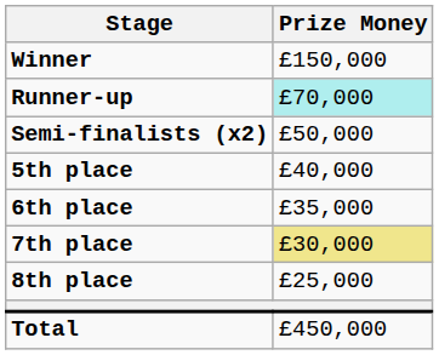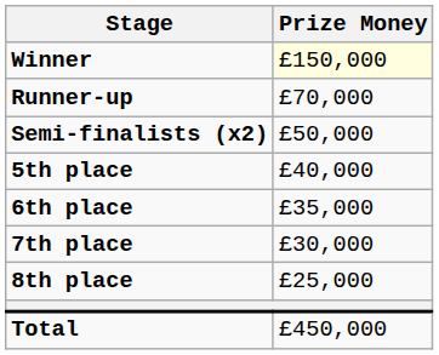 <table class="wikitable">
 <tr>
 <th>Stage</th>
 <th>Prize Money</th>
 </tr>
 <tr>
 <td><strong>Winner</strong></td>
-<td>£150,000</td>
+<td style="background: lightyellow;">£150,000</td>
 </tr>
 <tr>
 <td><strong>Runner-up</strong></td>
-<td style="background: paleturquoise;">£70,000</td>
+<td>£70,000</td>
 </tr>
 <tr>
 <td><strong>Semi-finalists (x2)</strong></td>
 <td>£50,000</td>
 </tr>
 <tr>
 <td><strong>5th place</strong></td>
 <td>£40,000</td>
 </tr>
 <tr>
 <td><strong>6th place</strong></td>
 <td>£35,000</td>
 </tr>
 <tr>
 <td><strong>7th place</strong></td>
-<td style="background: khaki;">£30,000</td>
+<td>£30,000</td>
 </tr>
 <tr>
 <td><strong>8th place</strong></td>
 <td>£25,000</td>
 </tr>
 <tr>
 <th colspan=3></th>
 </tr>
 <tr style="border-top:2px solid black;">
 <td><strong>Total</strong></td>
 <td>£450,000</td>
 </tr>
 </table>
